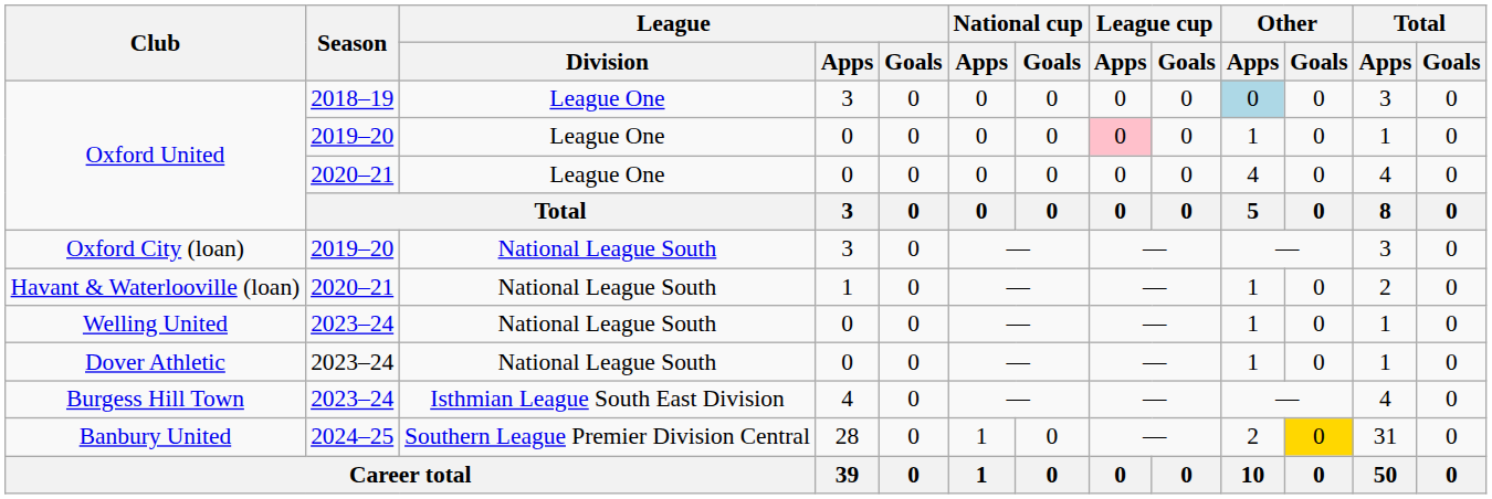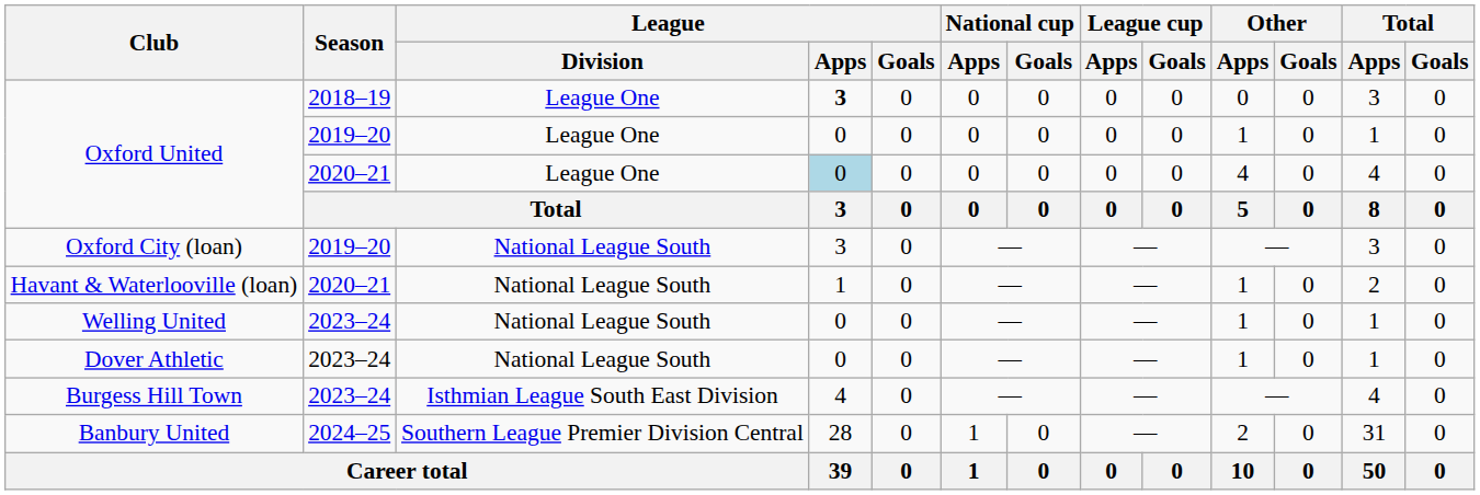 <table class="wikitable" style="text-align:center">
 <tr>
 <th rowspan="2">Club</th>
 <th rowspan="2">Season</th>
 <th colspan="3">League</th>
 <th colspan="2">National cup</th>
 <th colspan="2">League cup</th>
 <th colspan="2">Other</th>
 <th colspan="2">Total</th>
 </tr>
 <tr>
 <th>Division</th>
 <th>Apps</th>
 <th>Goals</th>
 <th>Apps</th>
 <th>Goals</th>
 <th>Apps</th>
 <th>Goals</th>
 <th>Apps</th>
 <th>Goals</th>
 <th>Apps</th>
 <th>Goals</th>
 </tr>
 <tr>
 <td rowspan="4"><a href='#'>Oxford United</a></td>
 <td><a href='#'>2018–19</a></td>
 <td><a href='#'>League One</a></td>
-<td>3</td>
+<td><strong>3</strong></td>
 <td>0</td>
 <td>0</td>
 <td>0</td>
 <td>0</td>
 <td>0</td>
-<td style="background: lightblue;">0</td>
+<td>0</td>
 <td>0</td>
 <td>3</td>
 <td>0</td>
 </tr>
 <tr>
 <td><a href='#'>2019–20</a></td>
 <td>League One</td>
 <td>0</td>
 <td>0</td>
 <td>0</td>
 <td>0</td>
-<td style="background: pink;">0</td>
+<td>0</td>
 <td>0</td>
 <td>1</td>
 <td>0</td>
 <td>1</td>
 <td>0</td>
 </tr>
 <tr>
 <td><a href='#'>2020–21</a></td>
 <td>League One</td>
-<td>0</td>
+<td style="background: lightblue;">0</td>
 <td>0</td>
 <td>0</td>
 <td>0</td>
 <td>0</td>
 <td>0</td>
 <td>4</td>
 <td>0</td>
 <td>4</td>
 <td>0</td>
 </tr>
 <tr>
 <th colspan="2">Total</th>
 <th>3</th>
 <th>0</th>
 <th>0</th>
 <th>0</th>
 <th>0</th>
 <th>0</th>
 <th>5</th>
 <th>0</th>
 <th>8</th>
 <th>0</th>
 </tr>
 <tr>
 <td><a href='#'>Oxford City</a> (loan)</td>
 <td><a href='#'>2019–20</a></td>
 <td><a href='#'>National League South</a></td>
 <td>3</td>
 <td>0</td>
 <td colspan="2">―</td>
 <td colspan="2">―</td>
 <td colspan="2">―</td>
 <td>3</td>
 <td>0</td>
 </tr>
 <tr>
 <td><a href='#'>Havant & Waterlooville</a> (loan)</td>
 <td><a href='#'>2020–21</a></td>
 <td>National League South</td>
 <td>1</td>
 <td>0</td>
 <td colspan="2">―</td>
 <td colspan="2">―</td>
 <td>1</td>
 <td>0</td>
 <td>2</td>
 <td>0</td>
 </tr>
 <tr>
 <td><a href='#'>Welling United</a></td>
 <td><a href='#'>2023–24</a></td>
 <td>National League South</td>
 <td>0</td>
 <td>0</td>
 <td colspan="2">―</td>
 <td colspan="2">―</td>
 <td>1</td>
 <td>0</td>
 <td>1</td>
 <td>0</td>
 </tr>
 <tr>
 <td><a href='#'>Dover Athletic</a></td>
 <td>2023–24</td>
 <td>National League South</td>
 <td>0</td>
 <td>0</td>
 <td colspan="2">―</td>
 <td colspan="2">―</td>
 <td>1</td>
 <td>0</td>
 <td>1</td>
 <td>0</td>
 </tr>
 <tr>
 <td><a href='#'>Burgess Hill Town</a></td>
 <td><a href='#'>2023–24</a></td>
 <td><a href='#'>Isthmian League</a> South East Division</td>
 <td>4</td>
 <td>0</td>
 <td colspan="2">―</td>
 <td colspan="2">―</td>
 <td colspan="2">―</td>
 <td>4</td>
 <td>0</td>
 </tr>
 <tr>
 <td><a href='#'>Banbury United</a></td>
 <td><a href='#'>2024–25</a></td>
 <td><a href='#'>Southern League</a> Premier Division Central</td>
 <td>28</td>
 <td>0</td>
 <td>1</td>
 <td>0</td>
 <td colspan="2">―</td>
 <td>2</td>
-<td style="background: gold;">0</td>
+<td>0</td>
 <td>31</td>
 <td>0</td>
 </tr>
 <tr>
 <th colspan="3">Career total</th>
 <th>39</th>
 <th>0</th>
 <th>1</th>
 <th>0</th>
 <th>0</th>
 <th>0</th>
 <th>10</th>
 <th>0</th>
 <th>50</th>
 <th>0</th>
 </tr>
 </table>
